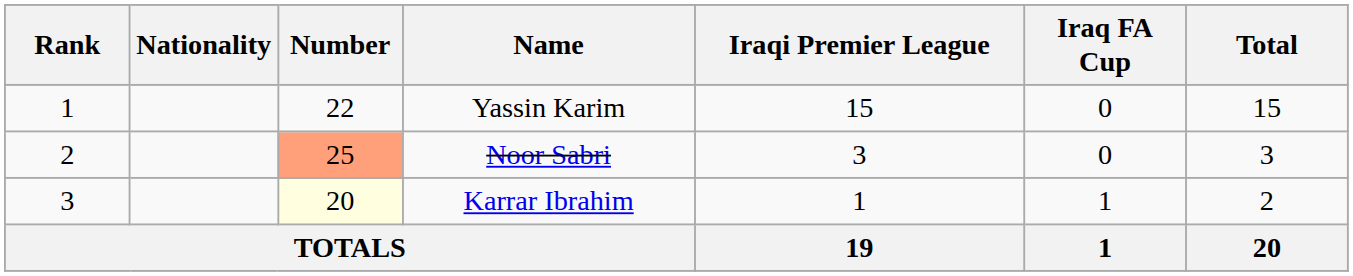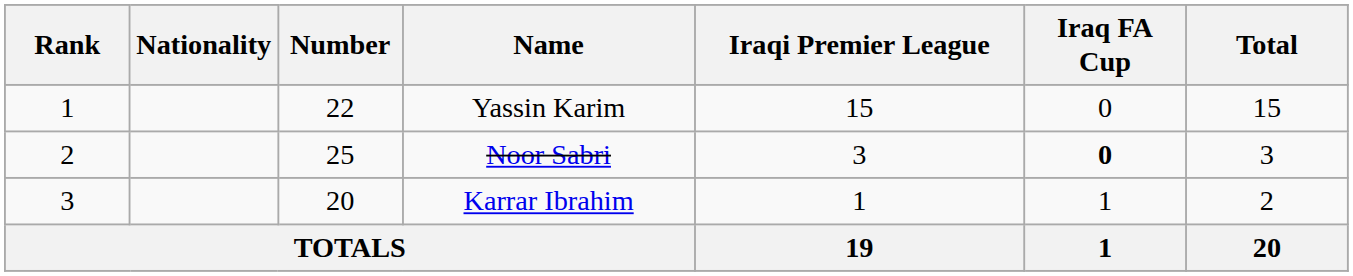 <table class="wikitable" style="font-size: 95%; text-align: center;">
 <tr>
 <th width=60>Rank</th>
 <th width=60>Nationality</th>
 <th width=60>Number</th>
 <th width=150>Name</th>
 <th width=170>Iraqi Premier League</th>
 <th width=80>Iraq FA Cup</th>
 <th width=80><strong>Total</strong></th>
 </tr>
 <tr>
 <td>1</td>
 <td></td>
 <td>22</td>
 <td>Yassin Karim</td>
 <td>15</td>
 <td>0</td>
 <td>15</td>
 </tr>
 <tr>
 <td rowspan="1">2</td>
 <td></td>
-<td style="background: lightsalmon;">25</td>
+<td>25</td>
 <td><s><a href='#'>Noor Sabri</a></s></td>
 <td>3</td>
-<td>0</td>
+<td><strong>0</strong></td>
 <td>3</td>
 </tr>
 <tr>
 <td rowspan="1">3</td>
 <td></td>
-<td style="background: lightyellow;">20</td>
+<td>20</td>
 <td><a href='#'>Karrar Ibrahim</a></td>
 <td>1</td>
 <td>1</td>
 <td>2</td>
 </tr>
 <tr>
 <th colspan="4"><strong>TOTALS</strong></th>
 <th><strong>19</strong></th>
 <th><strong>1</strong></th>
 <th><strong>20</strong></th>
 </tr>
 </table>
